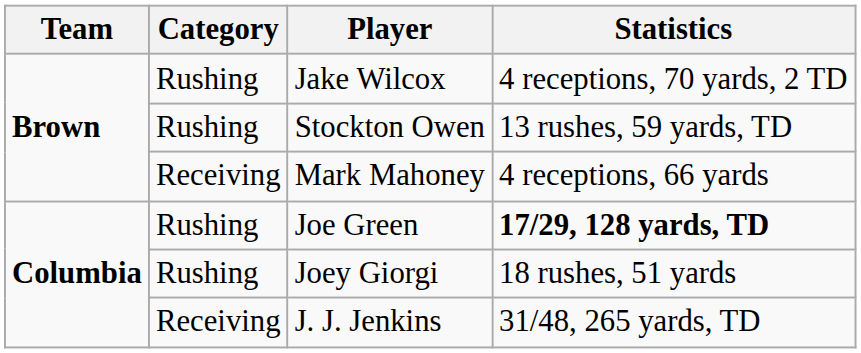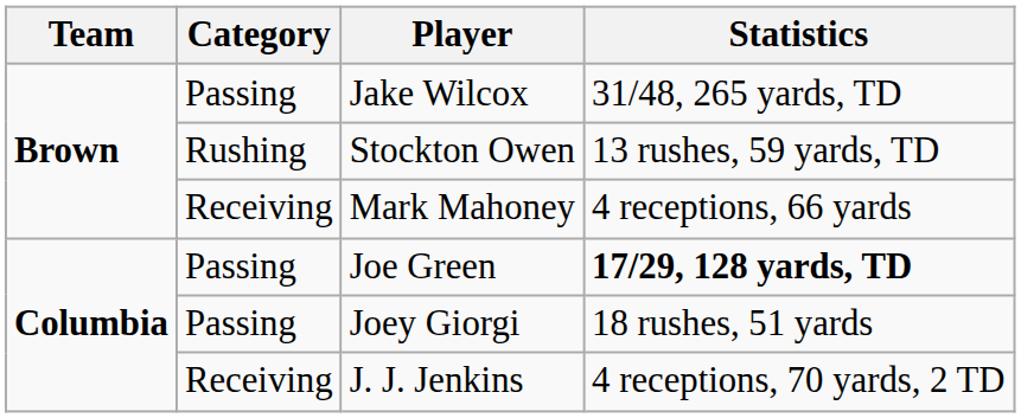 <table class="wikitable" style="float: left;">
 <tr>
 <th>Team</th>
 <th>Category</th>
 <th>Player</th>
 <th>Statistics</th>
 </tr>
 <tr>
 <td rowspan=3><strong>Brown</strong></td>
-<td>Rushing</td>
+<td>Passing</td>
 <td>Jake Wilcox</td>
-<td>4 receptions, 70 yards, 2 TD</td>
+<td>31/48, 265 yards, TD</td>
 </tr>
 <tr>
 <td>Rushing</td>
 <td>Stockton Owen</td>
 <td>13 rushes, 59 yards, TD</td>
 </tr>
 <tr>
 <td>Receiving</td>
 <td>Mark Mahoney</td>
 <td>4 receptions, 66 yards</td>
 </tr>
 <tr>
 <td rowspan=3><strong>Columbia</strong></td>
-<td>Rushing</td>
+<td>Passing</td>
 <td>Joe Green</td>
 <td><strong>17/29, 128 yards, TD</strong></td>
 </tr>
 <tr>
-<td>Rushing</td>
+<td>Passing</td>
 <td>Joey Giorgi</td>
 <td>18 rushes, 51 yards</td>
 </tr>
 <tr>
 <td>Receiving</td>
 <td>J. J. Jenkins</td>
-<td>31/48, 265 yards, TD</td>
+<td>4 receptions, 70 yards, 2 TD</td>
 </tr>
 </table>
